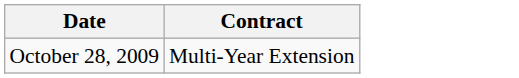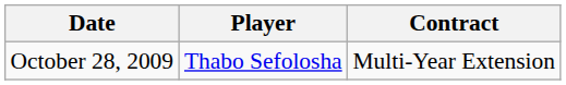 <table class="wikitable sortable sortable" style="text-align: center">
 <tr>
 <th>Date</th>
+<th>Player</th>
 <th>Contract</th>
 </tr>
 <tr style="text-align: center">
 <td>October 28, 2009</td>
+<td><a href='#'>Thabo Sefolosha</a></td>
 <td>Multi-Year Extension</td>
 </tr>
 </table>
